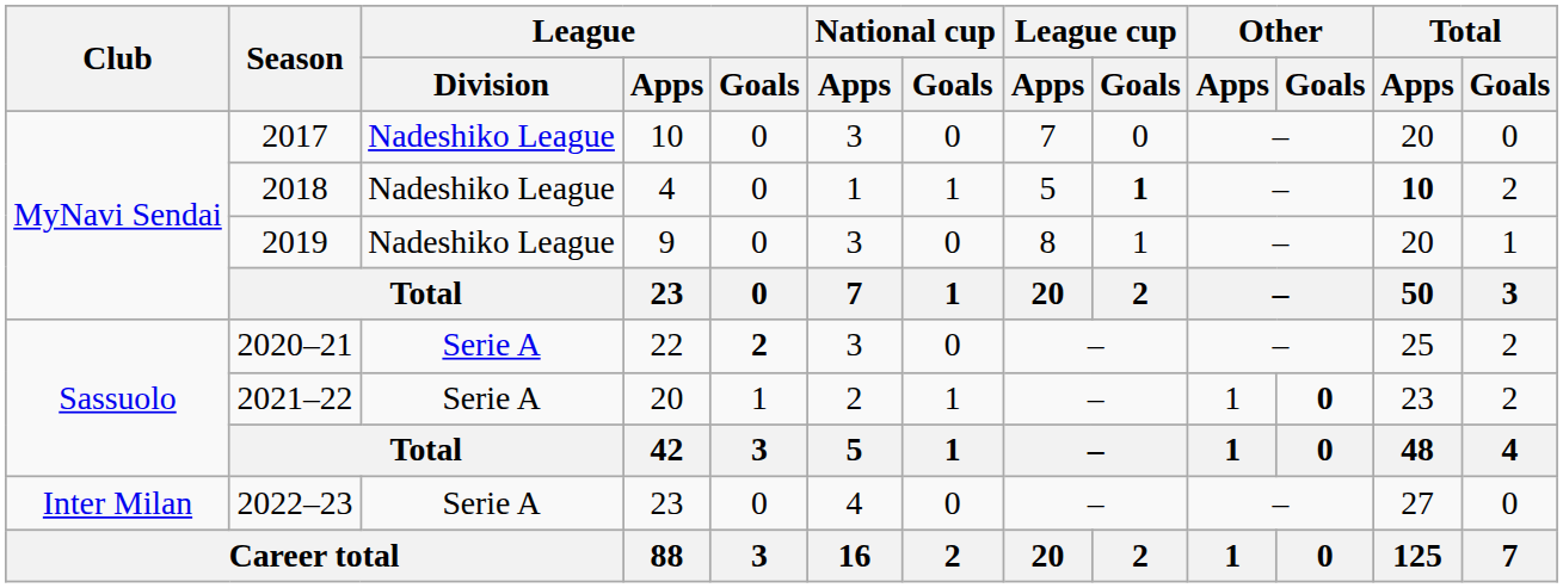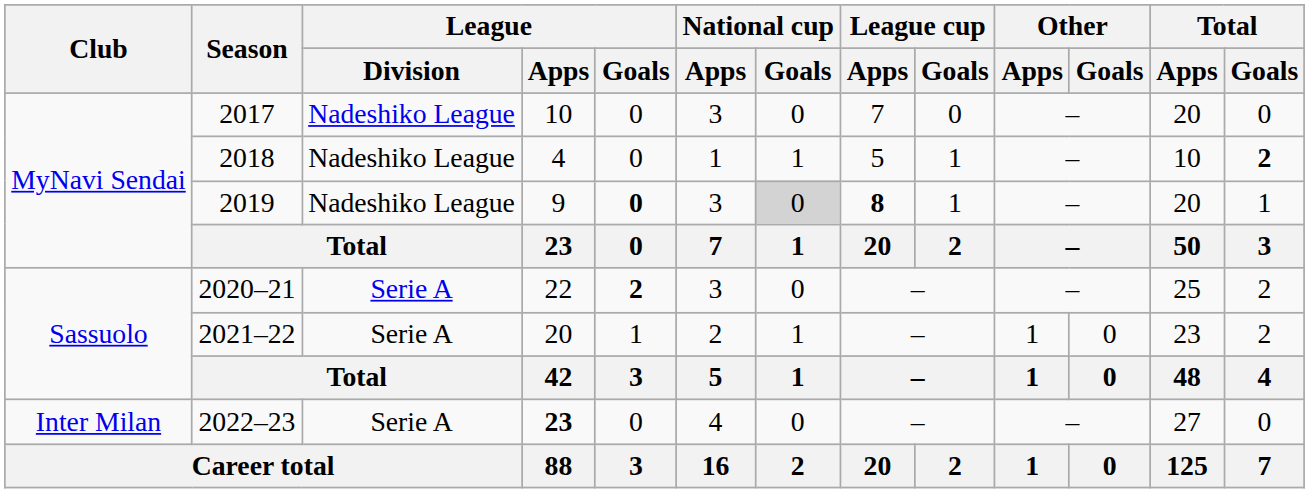 <table class="wikitable" style="text-align:center">
 <tr>
 <th rowspan="2">Club</th>
 <th rowspan="2">Season</th>
 <th colspan="3">League</th>
 <th colspan="2">National cup</th>
 <th colspan="2">League cup</th>
 <th colspan="2">Other</th>
 <th colspan="2">Total</th>
 </tr>
 <tr>
 <th>Division</th>
 <th>Apps</th>
 <th>Goals</th>
 <th>Apps</th>
 <th>Goals</th>
 <th>Apps</th>
 <th>Goals</th>
 <th>Apps</th>
 <th>Goals</th>
 <th>Apps</th>
 <th>Goals</th>
 </tr>
 <tr>
 <td rowspan="4"><a href='#'>MyNavi Sendai</a></td>
 <td>2017</td>
 <td><a href='#'>Nadeshiko League</a></td>
 <td>10</td>
 <td>0</td>
 <td>3</td>
 <td>0</td>
 <td>7</td>
 <td>0</td>
 <td colspan="2">–</td>
 <td>20</td>
 <td>0</td>
 </tr>
 <tr>
 <td>2018</td>
 <td>Nadeshiko League</td>
 <td>4</td>
 <td>0</td>
 <td>1</td>
 <td>1</td>
 <td>5</td>
-<td><strong>1</strong></td>
+<td>1</td>
 <td colspan="2">–</td>
-<td><strong>10</strong></td>
-<td>2</td>
+<td>10</td>
+<td><strong>2</strong></td>
 </tr>
 <tr>
 <td>2019</td>
 <td>Nadeshiko League</td>
 <td>9</td>
-<td>0</td>
+<td><strong>0</strong></td>
 <td>3</td>
-<td>0</td>
-<td>8</td>
+<td style="background: lightgrey;">0</td>
+<td><strong>8</strong></td>
 <td>1</td>
 <td colspan="2">–</td>
 <td>20</td>
 <td>1</td>
 </tr>
 <tr>
 <th colspan="2">Total</th>
 <th>23</th>
 <th>0</th>
 <th>7</th>
 <th>1</th>
 <th>20</th>
 <th>2</th>
 <th colspan="2">–</th>
 <th>50</th>
 <th>3</th>
 </tr>
 <tr>
 <td rowspan="3"><a href='#'>Sassuolo</a></td>
 <td>2020–21</td>
 <td><a href='#'>Serie A</a></td>
 <td>22</td>
 <td><strong>2</strong></td>
 <td>3</td>
 <td>0</td>
 <td colspan="2">–</td>
 <td colspan="2">–</td>
 <td>25</td>
 <td>2</td>
 </tr>
 <tr>
 <td>2021–22</td>
 <td>Serie A</td>
 <td>20</td>
 <td>1</td>
 <td>2</td>
 <td>1</td>
 <td colspan="2">–</td>
 <td>1</td>
-<td><strong>0</strong></td>
+<td>0</td>
 <td>23</td>
 <td>2</td>
 </tr>
 <tr>
 <th colspan="2">Total</th>
 <th>42</th>
 <th>3</th>
 <th>5</th>
 <th>1</th>
 <th colspan="2">–</th>
 <th>1</th>
 <th>0</th>
 <th>48</th>
 <th>4</th>
 </tr>
 <tr>
 <td><a href='#'>Inter Milan</a></td>
 <td>2022–23</td>
 <td>Serie A</td>
-<td>23</td>
+<td><strong>23</strong></td>
 <td>0</td>
 <td>4</td>
 <td>0</td>
 <td colspan="2">–</td>
 <td colspan="2">–</td>
 <td>27</td>
 <td>0</td>
 </tr>
 <tr>
 <th colspan="3">Career total</th>
 <th>88</th>
 <th>3</th>
 <th>16</th>
 <th>2</th>
 <th>20</th>
 <th>2</th>
 <th>1</th>
 <th>0</th>
 <th>125</th>
 <th>7</th>
 </tr>
 </table>
